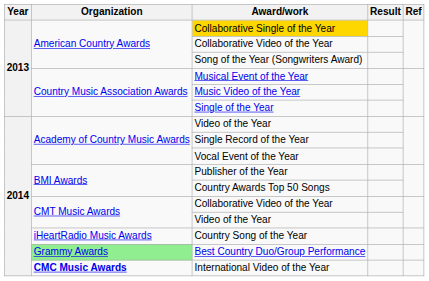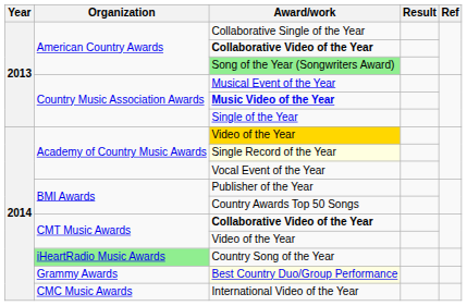 <table class="wikitable plainrowheaders">
 <tr>
 <th>Year</th>
 <th>Organization</th>
 <th>Award/work</th>
 <th>Result</th>
 <th>Ref</th>
 </tr>
 <tr>
 <th scope="row" rowspan="6">2013</th>
 <td rowspan=3><a href='#'>American Country Awards</a></td>
-<td style="background: gold;">Collaborative Single of the Year</td>
+<td>Collaborative Single of the Year</td>
 <td></td>
 <td rowspan="3" style="text-align:center;"></td>
 </tr>
 <tr>
-<td>Collaborative Video of the Year</td>
+<td><strong>Collaborative Video of the Year</strong></td>
 <td></td>
 </tr>
 <tr>
-<td>Song of the Year (Songwriters Award)</td>
+<td style="background: lightgreen;">Song of the Year (Songwriters Award)</td>
 <td></td>
 </tr>
 <tr>
 <td rowspan=3><a href='#'>Country Music Association Awards</a></td>
 <td><a href='#'>Musical Event of the Year</a></td>
 <td></td>
 <td rowspan="3" style="text-align:center;"><br></td>
 </tr>
 <tr>
-<td><a href='#'>Music Video of the Year</a></td>
+<td><strong><a href='#'>Music Video of the Year</a></strong></td>
 <td></td>
 </tr>
 <tr>
 <td><a href='#'>Single of the Year</a></td>
 <td></td>
 </tr>
 <tr>
 <th scope="row" rowspan="10">2014</th>
 <td rowspan=3><a href='#'>Academy of Country Music Awards</a></td>
-<td>Video of the Year</td>
+<td style="background: gold;">Video of the Year</td>
 <td></td>
 <td rowspan="3" style="text-align:center;"></td>
 </tr>
 <tr>
-<td>Single Record of the Year</td>
+<td style="background: lightyellow;">Single Record of the Year</td>
 <td></td>
 </tr>
 <tr>
 <td>Vocal Event of the Year</td>
 <td></td>
 </tr>
 <tr>
 <td rowspan=2><a href='#'>BMI Awards</a></td>
 <td>Publisher of the Year</td>
 <td></td>
 <td rowspan="2" style="text-align:center;"></td>
 </tr>
 <tr>
 <td>Country Awards Top 50 Songs</td>
 <td></td>
 </tr>
 <tr>
 <td rowspan=2><a href='#'>CMT Music Awards</a></td>
-<td>Collaborative Video of the Year</td>
+<td><strong>Collaborative Video of the Year</strong></td>
 <td></td>
 <td rowspan="2" style="text-align:center;"></td>
 </tr>
 <tr>
 <td>Video of the Year</td>
 <td></td>
 </tr>
 <tr>
-<td><a href='#'>iHeartRadio Music Awards</a></td>
+<td style="background: lightgreen;"><a href='#'>iHeartRadio Music Awards</a></td>
 <td>Country Song of the Year</td>
 <td></td>
 <td></td>
 </tr>
 <tr>
-<td style="background: lightgreen;"><a href='#'>Grammy Awards</a></td>
-<td><a href='#'>Best Country Duo/Group Performance</a></td>
+<td><a href='#'>Grammy Awards</a></td>
+<td style="background: lightyellow;"><a href='#'>Best Country Duo/Group Performance</a></td>
 <td></td>
 <td></td>
 </tr>
 <tr>
-<td><strong><a href='#'>CMC Music Awards</a></strong></td>
+<td><a href='#'>CMC Music Awards</a></td>
 <td>International Video of the Year</td>
 <td></td>
 <td></td>
 </tr>
 </table>
